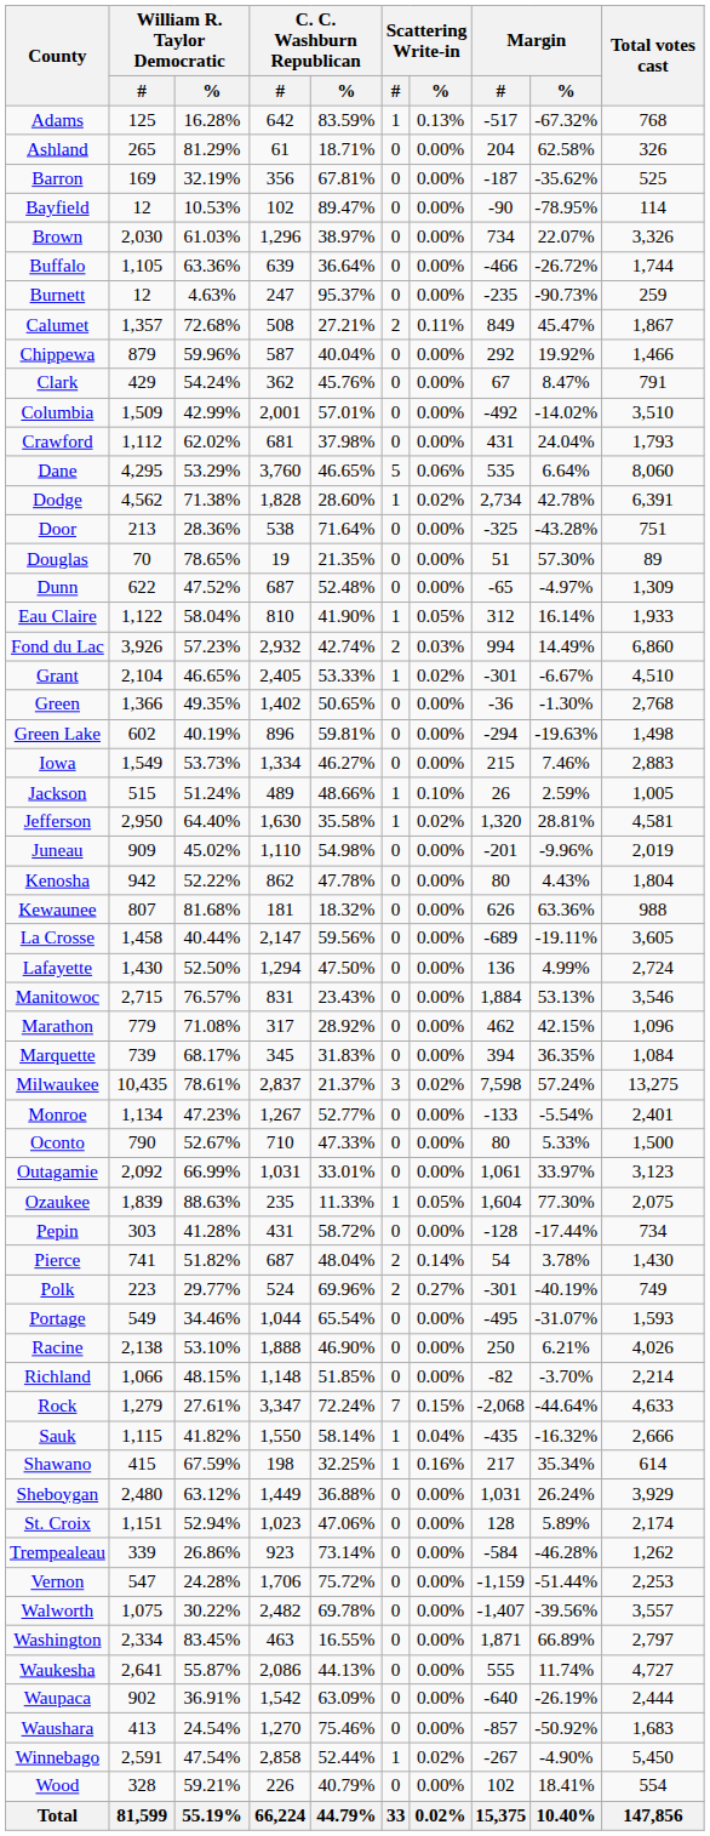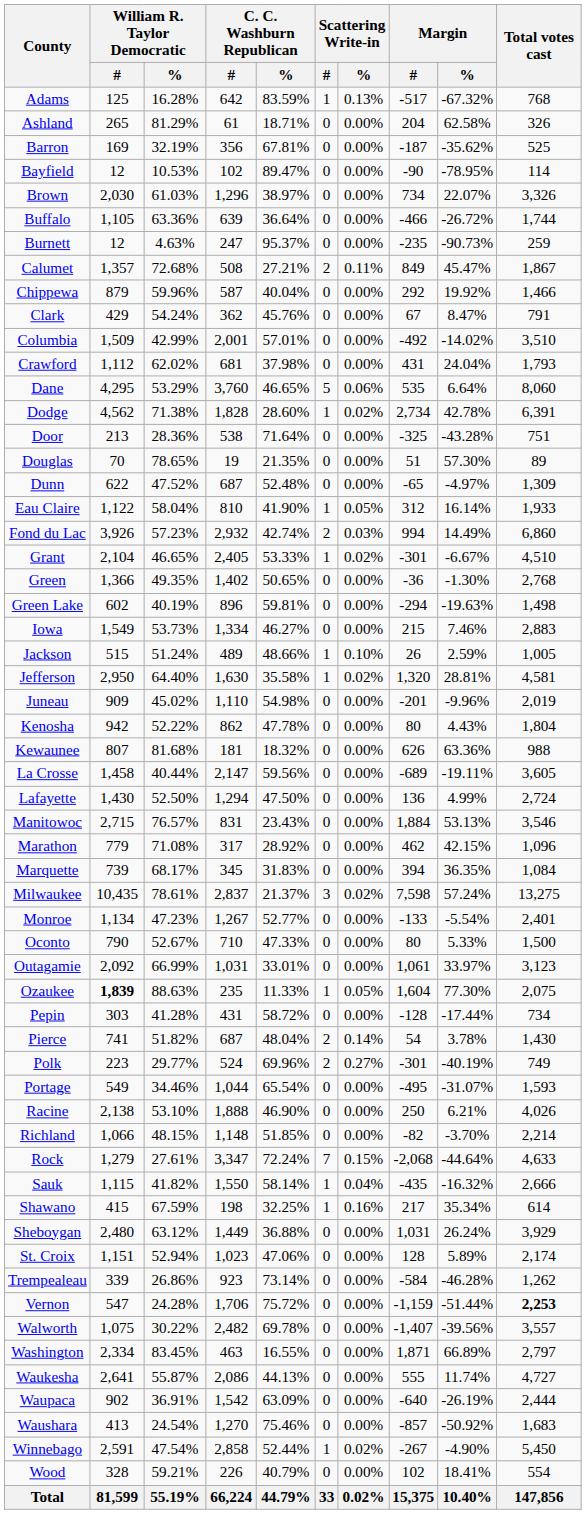 <table class="wikitable sortable" style="text-align:center">
 <tr>
 <th rowspan="2" style="text-align:center;">County</th>
 <th colspan="2" style="text-align:center;">William R. Taylor<br>Democratic</th>
 <th colspan="2" style="text-align:center;">C. C. Washburn<br>Republican</th>
 <th colspan="2" style="text-align:center;">Scattering<br>Write-in</th>
 <th colspan="2" style="text-align:center;">Margin</th>
 <th rowspan="2" style="text-align:center;">Total votes cast</th>
 </tr>
 <tr>
 <th style="text-align:center;" data-sort-type="number">#</th>
 <th style="text-align:center;" data-sort-type="number">%</th>
 <th style="text-align:center;" data-sort-type="number">#</th>
 <th style="text-align:center;" data-sort-type="number">%</th>
 <th style="text-align:center;" data-sort-type="number">#</th>
 <th style="text-align:center;" data-sort-type="number">%</th>
 <th style="text-align:center;" data-sort-type="number">#</th>
 <th style="text-align:center;" data-sort-type="number">%</th>
 </tr>
 <tr style="text-align:center;">
 <td><a href='#'>Adams</a></td>
 <td>125</td>
 <td>16.28%</td>
 <td>642</td>
 <td>83.59%</td>
 <td>1</td>
 <td>0.13%</td>
 <td>-517</td>
 <td>-67.32%</td>
 <td>768</td>
 </tr>
 <tr style="text-align:center;">
 <td><a href='#'>Ashland</a></td>
 <td>265</td>
 <td>81.29%</td>
 <td>61</td>
 <td>18.71%</td>
 <td>0</td>
 <td>0.00%</td>
 <td>204</td>
 <td>62.58%</td>
 <td>326</td>
 </tr>
 <tr style="text-align:center;">
 <td><a href='#'>Barron</a></td>
 <td>169</td>
 <td>32.19%</td>
 <td>356</td>
 <td>67.81%</td>
 <td>0</td>
 <td>0.00%</td>
 <td>-187</td>
 <td>-35.62%</td>
 <td>525</td>
 </tr>
 <tr style="text-align:center;">
 <td><a href='#'>Bayfield</a></td>
 <td>12</td>
 <td>10.53%</td>
 <td>102</td>
 <td>89.47%</td>
 <td>0</td>
 <td>0.00%</td>
 <td>-90</td>
 <td>-78.95%</td>
 <td>114</td>
 </tr>
 <tr style="text-align:center;">
 <td><a href='#'>Brown</a></td>
 <td>2,030</td>
 <td>61.03%</td>
 <td>1,296</td>
 <td>38.97%</td>
 <td>0</td>
 <td>0.00%</td>
 <td>734</td>
 <td>22.07%</td>
 <td>3,326</td>
 </tr>
 <tr style="text-align:center;">
 <td><a href='#'>Buffalo</a></td>
 <td>1,105</td>
 <td>63.36%</td>
 <td>639</td>
 <td>36.64%</td>
 <td>0</td>
 <td>0.00%</td>
 <td>-466</td>
 <td>-26.72%</td>
 <td>1,744</td>
 </tr>
 <tr style="text-align:center;">
 <td><a href='#'>Burnett</a></td>
 <td>12</td>
 <td>4.63%</td>
 <td>247</td>
 <td>95.37%</td>
 <td>0</td>
 <td>0.00%</td>
 <td>-235</td>
 <td>-90.73%</td>
 <td>259</td>
 </tr>
 <tr style="text-align:center;">
 <td><a href='#'>Calumet</a></td>
 <td>1,357</td>
 <td>72.68%</td>
 <td>508</td>
 <td>27.21%</td>
 <td>2</td>
 <td>0.11%</td>
 <td>849</td>
 <td>45.47%</td>
 <td>1,867</td>
 </tr>
 <tr style="text-align:center;">
 <td><a href='#'>Chippewa</a></td>
 <td>879</td>
 <td>59.96%</td>
 <td>587</td>
 <td>40.04%</td>
 <td>0</td>
 <td>0.00%</td>
 <td>292</td>
 <td>19.92%</td>
 <td>1,466</td>
 </tr>
 <tr style="text-align:center;">
 <td><a href='#'>Clark</a></td>
 <td>429</td>
 <td>54.24%</td>
 <td>362</td>
 <td>45.76%</td>
 <td>0</td>
 <td>0.00%</td>
 <td>67</td>
 <td>8.47%</td>
 <td>791</td>
 </tr>
 <tr style="text-align:center;">
 <td><a href='#'>Columbia</a></td>
 <td>1,509</td>
 <td>42.99%</td>
 <td>2,001</td>
 <td>57.01%</td>
 <td>0</td>
 <td>0.00%</td>
 <td>-492</td>
 <td>-14.02%</td>
 <td>3,510</td>
 </tr>
 <tr style="text-align:center;">
 <td><a href='#'>Crawford</a></td>
 <td>1,112</td>
 <td>62.02%</td>
 <td>681</td>
 <td>37.98%</td>
 <td>0</td>
 <td>0.00%</td>
 <td>431</td>
 <td>24.04%</td>
 <td>1,793</td>
 </tr>
 <tr style="text-align:center;">
 <td><a href='#'>Dane</a></td>
 <td>4,295</td>
 <td>53.29%</td>
 <td>3,760</td>
 <td>46.65%</td>
 <td>5</td>
 <td>0.06%</td>
 <td>535</td>
 <td>6.64%</td>
 <td>8,060</td>
 </tr>
 <tr style="text-align:center;">
 <td><a href='#'>Dodge</a></td>
 <td>4,562</td>
 <td>71.38%</td>
 <td>1,828</td>
 <td>28.60%</td>
 <td>1</td>
 <td>0.02%</td>
 <td>2,734</td>
 <td>42.78%</td>
 <td>6,391</td>
 </tr>
 <tr style="text-align:center;">
 <td><a href='#'>Door</a></td>
 <td>213</td>
 <td>28.36%</td>
 <td>538</td>
 <td>71.64%</td>
 <td>0</td>
 <td>0.00%</td>
 <td>-325</td>
 <td>-43.28%</td>
 <td>751</td>
 </tr>
 <tr style="text-align:center;">
 <td><a href='#'>Douglas</a></td>
 <td>70</td>
 <td>78.65%</td>
 <td>19</td>
 <td>21.35%</td>
 <td>0</td>
 <td>0.00%</td>
 <td>51</td>
 <td>57.30%</td>
 <td>89</td>
 </tr>
 <tr style="text-align:center;">
 <td><a href='#'>Dunn</a></td>
 <td>622</td>
 <td>47.52%</td>
 <td>687</td>
 <td>52.48%</td>
 <td>0</td>
 <td>0.00%</td>
 <td>-65</td>
 <td>-4.97%</td>
 <td>1,309</td>
 </tr>
 <tr style="text-align:center;">
 <td><a href='#'>Eau Claire</a></td>
 <td>1,122</td>
 <td>58.04%</td>
 <td>810</td>
 <td>41.90%</td>
 <td>1</td>
 <td>0.05%</td>
 <td>312</td>
 <td>16.14%</td>
 <td>1,933</td>
 </tr>
 <tr style="text-align:center;">
 <td><a href='#'>Fond du Lac</a></td>
 <td>3,926</td>
 <td>57.23%</td>
 <td>2,932</td>
 <td>42.74%</td>
 <td>2</td>
 <td>0.03%</td>
 <td>994</td>
 <td>14.49%</td>
 <td>6,860</td>
 </tr>
 <tr style="text-align:center;">
 <td><a href='#'>Grant</a></td>
 <td>2,104</td>
 <td>46.65%</td>
 <td>2,405</td>
 <td>53.33%</td>
 <td>1</td>
 <td>0.02%</td>
 <td>-301</td>
 <td>-6.67%</td>
 <td>4,510</td>
 </tr>
 <tr style="text-align:center;">
 <td><a href='#'>Green</a></td>
 <td>1,366</td>
 <td>49.35%</td>
 <td>1,402</td>
 <td>50.65%</td>
 <td>0</td>
 <td>0.00%</td>
 <td>-36</td>
 <td>-1.30%</td>
 <td>2,768</td>
 </tr>
 <tr style="text-align:center;">
 <td><a href='#'>Green Lake</a></td>
 <td>602</td>
 <td>40.19%</td>
 <td>896</td>
 <td>59.81%</td>
 <td>0</td>
 <td>0.00%</td>
 <td>-294</td>
 <td>-19.63%</td>
 <td>1,498</td>
 </tr>
 <tr style="text-align:center;">
 <td><a href='#'>Iowa</a></td>
 <td>1,549</td>
 <td>53.73%</td>
 <td>1,334</td>
 <td>46.27%</td>
 <td>0</td>
 <td>0.00%</td>
 <td>215</td>
 <td>7.46%</td>
 <td>2,883</td>
 </tr>
 <tr style="text-align:center;">
 <td><a href='#'>Jackson</a></td>
 <td>515</td>
 <td>51.24%</td>
 <td>489</td>
 <td>48.66%</td>
 <td>1</td>
 <td>0.10%</td>
 <td>26</td>
 <td>2.59%</td>
 <td>1,005</td>
 </tr>
 <tr style="text-align:center;">
 <td><a href='#'>Jefferson</a></td>
 <td>2,950</td>
 <td>64.40%</td>
 <td>1,630</td>
 <td>35.58%</td>
 <td>1</td>
 <td>0.02%</td>
 <td>1,320</td>
 <td>28.81%</td>
 <td>4,581</td>
 </tr>
 <tr style="text-align:center;">
 <td><a href='#'>Juneau</a></td>
 <td>909</td>
 <td>45.02%</td>
 <td>1,110</td>
 <td>54.98%</td>
 <td>0</td>
 <td>0.00%</td>
 <td>-201</td>
 <td>-9.96%</td>
 <td>2,019</td>
 </tr>
 <tr style="text-align:center;">
 <td><a href='#'>Kenosha</a></td>
 <td>942</td>
 <td>52.22%</td>
 <td>862</td>
 <td>47.78%</td>
 <td>0</td>
 <td>0.00%</td>
 <td>80</td>
 <td>4.43%</td>
 <td>1,804</td>
 </tr>
 <tr style="text-align:center;">
 <td><a href='#'>Kewaunee</a></td>
 <td>807</td>
 <td>81.68%</td>
 <td>181</td>
 <td>18.32%</td>
 <td>0</td>
 <td>0.00%</td>
 <td>626</td>
 <td>63.36%</td>
 <td>988</td>
 </tr>
 <tr style="text-align:center;">
 <td><a href='#'>La Crosse</a></td>
 <td>1,458</td>
 <td>40.44%</td>
 <td>2,147</td>
 <td>59.56%</td>
 <td>0</td>
 <td>0.00%</td>
 <td>-689</td>
 <td>-19.11%</td>
 <td>3,605</td>
 </tr>
 <tr style="text-align:center;">
 <td><a href='#'>Lafayette</a></td>
 <td>1,430</td>
 <td>52.50%</td>
 <td>1,294</td>
 <td>47.50%</td>
 <td>0</td>
 <td>0.00%</td>
 <td>136</td>
 <td>4.99%</td>
 <td>2,724</td>
 </tr>
 <tr style="text-align:center;">
 <td><a href='#'>Manitowoc</a></td>
 <td>2,715</td>
 <td>76.57%</td>
 <td>831</td>
 <td>23.43%</td>
 <td>0</td>
 <td>0.00%</td>
 <td>1,884</td>
 <td>53.13%</td>
 <td>3,546</td>
 </tr>
 <tr style="text-align:center;">
 <td><a href='#'>Marathon</a></td>
 <td>779</td>
 <td>71.08%</td>
 <td>317</td>
 <td>28.92%</td>
 <td>0</td>
 <td>0.00%</td>
 <td>462</td>
 <td>42.15%</td>
 <td>1,096</td>
 </tr>
 <tr style="text-align:center;">
 <td><a href='#'>Marquette</a></td>
 <td>739</td>
 <td>68.17%</td>
 <td>345</td>
 <td>31.83%</td>
 <td>0</td>
 <td>0.00%</td>
 <td>394</td>
 <td>36.35%</td>
 <td>1,084</td>
 </tr>
 <tr style="text-align:center;">
 <td><a href='#'>Milwaukee</a></td>
 <td>10,435</td>
 <td>78.61%</td>
 <td>2,837</td>
 <td>21.37%</td>
 <td>3</td>
 <td>0.02%</td>
 <td>7,598</td>
 <td>57.24%</td>
 <td>13,275</td>
 </tr>
 <tr style="text-align:center;">
 <td><a href='#'>Monroe</a></td>
 <td>1,134</td>
 <td>47.23%</td>
 <td>1,267</td>
 <td>52.77%</td>
 <td>0</td>
 <td>0.00%</td>
 <td>-133</td>
 <td>-5.54%</td>
 <td>2,401</td>
 </tr>
 <tr style="text-align:center;">
 <td><a href='#'>Oconto</a></td>
 <td>790</td>
 <td>52.67%</td>
 <td>710</td>
 <td>47.33%</td>
 <td>0</td>
 <td>0.00%</td>
 <td>80</td>
 <td>5.33%</td>
 <td>1,500</td>
 </tr>
 <tr style="text-align:center;">
 <td><a href='#'>Outagamie</a></td>
 <td>2,092</td>
 <td>66.99%</td>
 <td>1,031</td>
 <td>33.01%</td>
 <td>0</td>
 <td>0.00%</td>
 <td>1,061</td>
 <td>33.97%</td>
 <td>3,123</td>
 </tr>
 <tr style="text-align:center;">
 <td><a href='#'>Ozaukee</a></td>
-<td>1,839</td>
+<td><strong>1,839</strong></td>
 <td>88.63%</td>
 <td>235</td>
 <td>11.33%</td>
 <td>1</td>
 <td>0.05%</td>
 <td>1,604</td>
 <td>77.30%</td>
 <td>2,075</td>
 </tr>
 <tr style="text-align:center;">
 <td><a href='#'>Pepin</a></td>
 <td>303</td>
 <td>41.28%</td>
 <td>431</td>
 <td>58.72%</td>
 <td>0</td>
 <td>0.00%</td>
 <td>-128</td>
 <td>-17.44%</td>
 <td>734</td>
 </tr>
 <tr style="text-align:center;">
 <td><a href='#'>Pierce</a></td>
 <td>741</td>
 <td>51.82%</td>
 <td>687</td>
 <td>48.04%</td>
 <td>2</td>
 <td>0.14%</td>
 <td>54</td>
 <td>3.78%</td>
 <td>1,430</td>
 </tr>
 <tr style="text-align:center;">
 <td><a href='#'>Polk</a></td>
 <td>223</td>
 <td>29.77%</td>
 <td>524</td>
 <td>69.96%</td>
 <td>2</td>
 <td>0.27%</td>
 <td>-301</td>
 <td>-40.19%</td>
 <td>749</td>
 </tr>
 <tr style="text-align:center;">
 <td><a href='#'>Portage</a></td>
 <td>549</td>
 <td>34.46%</td>
 <td>1,044</td>
 <td>65.54%</td>
 <td>0</td>
 <td>0.00%</td>
 <td>-495</td>
 <td>-31.07%</td>
 <td>1,593</td>
 </tr>
 <tr style="text-align:center;">
 <td><a href='#'>Racine</a></td>
 <td>2,138</td>
 <td>53.10%</td>
 <td>1,888</td>
 <td>46.90%</td>
 <td>0</td>
 <td>0.00%</td>
 <td>250</td>
 <td>6.21%</td>
 <td>4,026</td>
 </tr>
 <tr style="text-align:center;">
 <td><a href='#'>Richland</a></td>
 <td>1,066</td>
 <td>48.15%</td>
 <td>1,148</td>
 <td>51.85%</td>
 <td>0</td>
 <td>0.00%</td>
 <td>-82</td>
 <td>-3.70%</td>
 <td>2,214</td>
 </tr>
 <tr style="text-align:center;">
 <td><a href='#'>Rock</a></td>
 <td>1,279</td>
 <td>27.61%</td>
 <td>3,347</td>
 <td>72.24%</td>
 <td>7</td>
 <td>0.15%</td>
 <td>-2,068</td>
 <td>-44.64%</td>
 <td>4,633</td>
 </tr>
 <tr style="text-align:center;">
 <td><a href='#'>Sauk</a></td>
 <td>1,115</td>
 <td>41.82%</td>
 <td>1,550</td>
 <td>58.14%</td>
 <td>1</td>
 <td>0.04%</td>
 <td>-435</td>
 <td>-16.32%</td>
 <td>2,666</td>
 </tr>
 <tr style="text-align:center;">
 <td><a href='#'>Shawano</a></td>
 <td>415</td>
 <td>67.59%</td>
 <td>198</td>
 <td>32.25%</td>
 <td>1</td>
 <td>0.16%</td>
 <td>217</td>
 <td>35.34%</td>
 <td>614</td>
 </tr>
 <tr style="text-align:center;">
 <td><a href='#'>Sheboygan</a></td>
 <td>2,480</td>
 <td>63.12%</td>
 <td>1,449</td>
 <td>36.88%</td>
 <td>0</td>
 <td>0.00%</td>
 <td>1,031</td>
 <td>26.24%</td>
 <td>3,929</td>
 </tr>
 <tr style="text-align:center;">
 <td><a href='#'>St. Croix</a></td>
 <td>1,151</td>
 <td>52.94%</td>
 <td>1,023</td>
 <td>47.06%</td>
 <td>0</td>
 <td>0.00%</td>
 <td>128</td>
 <td>5.89%</td>
 <td>2,174</td>
 </tr>
 <tr style="text-align:center;">
 <td><a href='#'>Trempealeau</a></td>
 <td>339</td>
 <td>26.86%</td>
 <td>923</td>
 <td>73.14%</td>
 <td>0</td>
 <td>0.00%</td>
 <td>-584</td>
 <td>-46.28%</td>
 <td>1,262</td>
 </tr>
 <tr style="text-align:center;">
 <td><a href='#'>Vernon</a></td>
 <td>547</td>
 <td>24.28%</td>
 <td>1,706</td>
 <td>75.72%</td>
 <td>0</td>
 <td>0.00%</td>
 <td>-1,159</td>
 <td>-51.44%</td>
-<td>2,253</td>
+<td><strong>2,253</strong></td>
 </tr>
 <tr style="text-align:center;">
 <td><a href='#'>Walworth</a></td>
 <td>1,075</td>
 <td>30.22%</td>
 <td>2,482</td>
 <td>69.78%</td>
 <td>0</td>
 <td>0.00%</td>
 <td>-1,407</td>
 <td>-39.56%</td>
 <td>3,557</td>
 </tr>
 <tr style="text-align:center;">
 <td><a href='#'>Washington</a></td>
 <td>2,334</td>
 <td>83.45%</td>
 <td>463</td>
 <td>16.55%</td>
 <td>0</td>
 <td>0.00%</td>
 <td>1,871</td>
 <td>66.89%</td>
 <td>2,797</td>
 </tr>
 <tr style="text-align:center;">
 <td><a href='#'>Waukesha</a></td>
 <td>2,641</td>
 <td>55.87%</td>
 <td>2,086</td>
 <td>44.13%</td>
 <td>0</td>
 <td>0.00%</td>
 <td>555</td>
 <td>11.74%</td>
 <td>4,727</td>
 </tr>
 <tr style="text-align:center;">
 <td><a href='#'>Waupaca</a></td>
 <td>902</td>
 <td>36.91%</td>
 <td>1,542</td>
 <td>63.09%</td>
 <td>0</td>
 <td>0.00%</td>
 <td>-640</td>
 <td>-26.19%</td>
 <td>2,444</td>
 </tr>
 <tr style="text-align:center;">
 <td><a href='#'>Waushara</a></td>
 <td>413</td>
 <td>24.54%</td>
 <td>1,270</td>
 <td>75.46%</td>
 <td>0</td>
 <td>0.00%</td>
 <td>-857</td>
 <td>-50.92%</td>
 <td>1,683</td>
 </tr>
 <tr style="text-align:center;">
 <td><a href='#'>Winnebago</a></td>
 <td>2,591</td>
 <td>47.54%</td>
 <td>2,858</td>
 <td>52.44%</td>
 <td>1</td>
 <td>0.02%</td>
 <td>-267</td>
 <td>-4.90%</td>
 <td>5,450</td>
 </tr>
 <tr style="text-align:center;">
 <td><a href='#'>Wood</a></td>
 <td>328</td>
 <td>59.21%</td>
 <td>226</td>
 <td>40.79%</td>
 <td>0</td>
 <td>0.00%</td>
 <td>102</td>
 <td>18.41%</td>
 <td>554</td>
 </tr>
 <tr>
 <th>Total</th>
 <th>81,599</th>
 <th>55.19%</th>
 <th>66,224</th>
 <th>44.79%</th>
 <th>33</th>
 <th>0.02%</th>
 <th>15,375</th>
 <th>10.40%</th>
 <th>147,856</th>
 </tr>
 </table>
